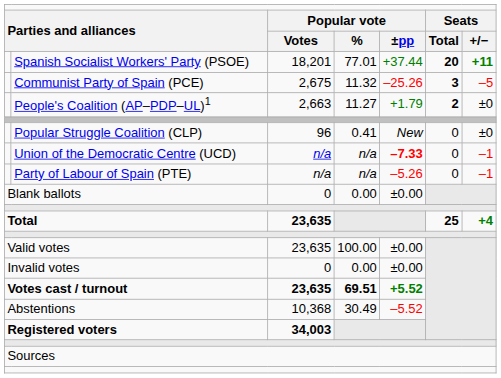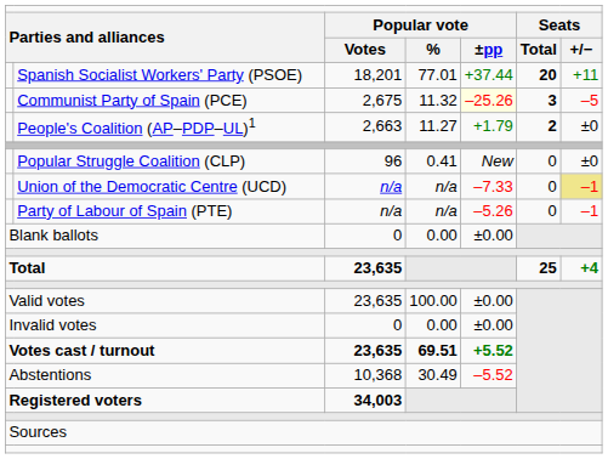 <table class="wikitable" style="text-align:right;">
 <tr>
 <td colspan="7"></td>
 </tr>
 <tr>
 <th style="text-align:left;" rowspan="2" colspan="2" width="525">Parties and alliances</th>
 <th colspan="3">Popular vote</th>
 <th colspan="2">Seats</th>
 </tr>
 <tr>
 <th width="75">Votes</th>
 <th width="45">%</th>
 <th width="45">±<a href='#'>pp</a></th>
 <th width="35">Total</th>
 <th width="35">+/−</th>
 </tr>
 <tr>
 <td width="1" style="color:inherit;background:"></td>
 <td align="left"><a href='#'>Spanish Socialist Workers' Party</a> (PSOE)</td>
 <td>18,201</td>
 <td>77.01</td>
 <td style="color:green;">+37.44</td>
 <td><strong>20</strong></td>
-<td style="color:green;"><strong>+11</strong></td>
+<td style="color:green;">+11</td>
 </tr>
 <tr>
 <td style="color:inherit;background:"></td>
 <td align="left"><a href='#'>Communist Party of Spain</a> (PCE)</td>
 <td>2,675</td>
 <td>11.32</td>
-<td style="color:red;">–25.26</td>
+<td style="background: lightyellow; color:red;">–25.26</td>
 <td><strong>3</strong></td>
 <td style="color:red;">–5</td>
 </tr>
 <tr>
 <td style="color:inherit;background:"></td>
 <td align="left"><a href='#'>People's Coalition</a> (<a href='#'>AP</a>–<a href='#'>PDP</a>–<a href='#'>UL</a>)<sup>1</sup></td>
 <td>2,663</td>
 <td>11.27</td>
 <td style="color:green;">+1.79</td>
 <td><strong>2</strong></td>
 <td>±0</td>
 </tr>
 <tr>
 <td colspan="7" bgcolor="#C0C0C0"></td>
 </tr>
 <tr>
 <td style="color:inherit;background:"></td>
 <td align="left"><a href='#'>Popular Struggle Coalition</a> (CLP)</td>
 <td>96</td>
 <td>0.41</td>
 <td><em>New</em></td>
 <td>0</td>
 <td>±0</td>
 </tr>
 <tr>
 <td style="color:inherit;background:"></td>
 <td align="left"><a href='#'>Union of the Democratic Centre</a> (UCD)</td>
 <td><em><a href='#'>n/a</a></em></td>
 <td><em>n/a</em></td>
-<td style="color:red;"><strong>–7.33</strong></td>
+<td style="color:red;">–7.33</td>
 <td>0</td>
-<td style="color:red;">–1</td>
+<td style="background: khaki; color:red;">–1</td>
 </tr>
 <tr>
 <td style="color:inherit;background:"></td>
 <td align="left"><a href='#'>Party of Labour of Spain</a> (PTE)</td>
 <td><em>n/a</em></td>
 <td><em>n/a</em></td>
 <td style="color:red;">–5.26</td>
 <td>0</td>
 <td style="color:red;">–1</td>
 </tr>
 <tr>
 <td align="left" colspan="2">Blank ballots</td>
 <td>0</td>
 <td>0.00</td>
 <td>±0.00</td>
 <td bgcolor="#E9E9E9" colspan="2"></td>
 </tr>
 <tr>
 <td colspan="7" bgcolor="#E9E9E9"></td>
 </tr>
 <tr style="font-weight:bold;">
 <td align="left" colspan="2">Total</td>
 <td>23,635</td>
 <td bgcolor="#E9E9E9" colspan="2"></td>
 <td>25</td>
 <td style="color:green;">+4</td>
 </tr>
 <tr>
 <td colspan="7" bgcolor="#E9E9E9"></td>
 </tr>
 <tr>
 <td align="left" colspan="2">Valid votes</td>
 <td>23,635</td>
 <td>100.00</td>
 <td>±0.00</td>
 <td bgcolor="#E9E9E9" colspan="2" rowspan="5"></td>
 </tr>
 <tr>
 <td align="left" colspan="2">Invalid votes</td>
 <td>0</td>
 <td>0.00</td>
 <td>±0.00</td>
 </tr>
 <tr style="font-weight:bold;">
 <td align="left" colspan="2">Votes cast / turnout</td>
 <td>23,635</td>
 <td>69.51</td>
 <td style="color:green;">+5.52</td>
 </tr>
 <tr>
 <td align="left" colspan="2">Abstentions</td>
 <td>10,368</td>
 <td>30.49</td>
 <td style="color:red;">–5.52</td>
 </tr>
 <tr style="font-weight:bold;">
 <td align="left" colspan="2">Registered voters</td>
 <td>34,003</td>
 <td bgcolor="#E9E9E9" colspan="2"></td>
 </tr>
 <tr>
 <td colspan="7" bgcolor="#E9E9E9"></td>
 </tr>
 <tr>
 <td align="left" colspan="7">Sources</td>
 </tr>
 <tr>
 <td colspan="7" style="text-align:left; max-width:790px;"></td>
 </tr>
 </table>
